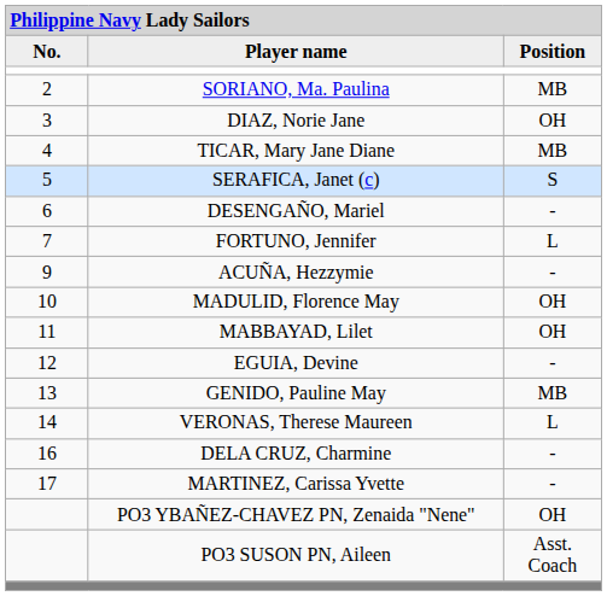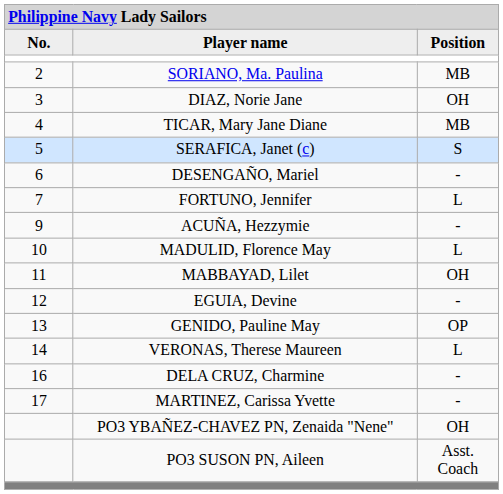 <table class='wikitable mw-collapsible mw-collapsed' style='text-align: center; width: 500px; border: none;'>
 <tr>
 <th style="background:#D4D4D4; text-align:left;" colspan=3> <a href='#'>Philippine Navy</a> Lady Sailors</th>
 </tr>
 <tr style="background:#EEEEEE; font-weight:bold;">
 <td width=10%>No.</td>
 <td width=50%>Player name</td>
 <td width=10%>Position</td>
 </tr>
 <tr style="background:#FFFFFF;">
 <td colspan=3 align=center></td>
 </tr>
 <tr>
 <td align=center>2</td>
 <td><a href='#'>SORIANO, Ma. Paulina</a></td>
 <td align=center>MB</td>
 </tr>
 <tr>
 <td align=center>3</td>
 <td>DIAZ, Norie Jane</td>
 <td align=center>OH</td>
 </tr>
 <tr>
 <td align=center>4</td>
 <td>TICAR, Mary Jane Diane</td>
 <td align=center>MB</td>
 </tr>
 <tr style="background: #D0E6FF">
 <td align=center>5</td>
 <td>SERAFICA, Janet (<a href='#'>c</a>)</td>
 <td align=center>S</td>
 </tr>
 <tr>
 <td align=center>6</td>
 <td>DESENGAÑO, Mariel</td>
 <td align=center>-</td>
 </tr>
 <tr>
 <td align=center>7</td>
 <td>FORTUNO, Jennifer</td>
 <td align=center>L</td>
 </tr>
 <tr>
 <td align=center>9</td>
 <td>ACUÑA, Hezzymie</td>
 <td align=center>-</td>
 </tr>
 <tr>
 <td align=center>10</td>
 <td>MADULID, Florence May</td>
-<td align=center>OH</td>
+<td align=center>L</td>
 </tr>
 <tr>
 <td align=center>11</td>
 <td>MABBAYAD, Lilet</td>
 <td align=center>OH</td>
 </tr>
 <tr>
 <td align=center>12</td>
 <td>EGUIA, Devine</td>
 <td align=center>-</td>
 </tr>
 <tr>
 <td align=center>13</td>
 <td>GENIDO, Pauline May</td>
-<td align=center>MB</td>
+<td align=center>OP</td>
 </tr>
 <tr>
 <td align=center>14</td>
 <td>VERONAS, Therese Maureen</td>
 <td align=center>L</td>
 </tr>
 <tr>
 <td align=center>16</td>
 <td>DELA CRUZ, Charmine</td>
 <td align=center>-</td>
 </tr>
 <tr>
 <td align=center>17</td>
 <td>MARTINEZ, Carissa Yvette</td>
 <td align=center>-</td>
 </tr>
 <tr>
 <td align=center></td>
 <td>PO3 YBAÑEZ-CHAVEZ PN, Zenaida "Nene"</td>
 <td align=center>OH</td>
 </tr>
 <tr>
 <td align=center></td>
 <td>PO3 SUSON PN, Aileen</td>
 <td align=center>Asst. Coach</td>
 </tr>
 <tr>
 <th style="background:gray;" colspan=3></th>
 </tr>
 <tr>
 </tr>
 </table>
